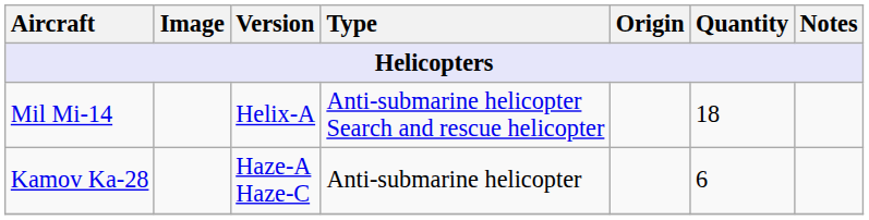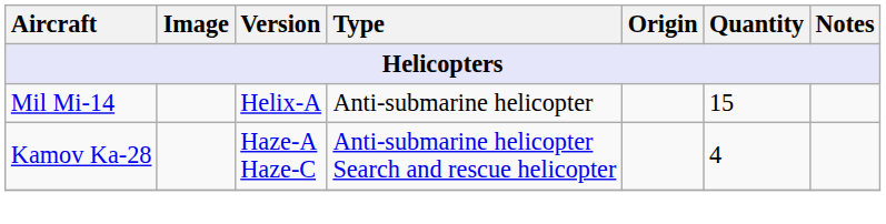 <table class="wikitable">
 <tr>
 <th style="text-align: left;">Aircraft</th>
 <th style="text-align: left;">Image</th>
 <th style="text-align: left;">Version</th>
 <th style="text-align: left;">Type</th>
 <th style="text-align: left;">Origin</th>
 <th style="text-align: left;">Quantity</th>
 <th style="text-align: left;">Notes</th>
 </tr>
 <tr>
 <th style="align: center; background: lavender;" colspan="7">Helicopters</th>
 </tr>
 <tr>
 <td><a href='#'>Mil Mi-14</a></td>
 <td></td>
 <td><a href='#'>Helix-A</a></td>
-<td><a href='#'>Anti-submarine helicopter</a><br><a href='#'>Search and rescue helicopter</a></td>
+<td>Anti-submarine helicopter</td>
 <td></td>
-<td>18</td>
+<td>15</td>
 <td></td>
 </tr>
 <tr>
 <td><a href='#'>Kamov Ka-28</a></td>
 <td></td>
 <td><a href='#'>Haze-A</a><br><a href='#'>Haze-C</a></td>
-<td>Anti-submarine helicopter</td>
+<td><a href='#'>Anti-submarine helicopter</a><br><a href='#'>Search and rescue helicopter</a></td>
 <td></td>
-<td>6</td>
+<td>4</td>
 <td></td>
 </tr>
 <tr>
 </tr>
 </table>
